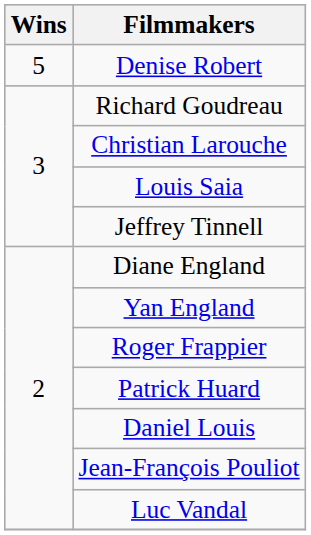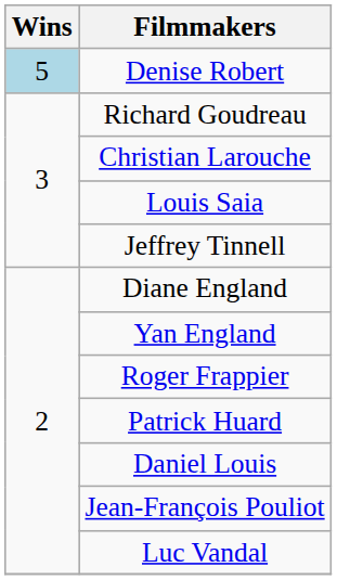 <table class="wikitable" style="text-align:center;">
 <tr>
 <th scope="col" width="17">Wins</th>
 <th scope="col" align="center">Filmmakers</th>
 </tr>
 <tr>
-<td rowspan="1" style="text-align:center;">5</td>
+<td rowspan="1" style="background: lightblue; text-align:center;">5</td>
 <td><a href='#'>Denise Robert</a></td>
 </tr>
 <tr>
 <td rowspan="4" style="text-align:center;">3</td>
 <td>Richard Goudreau</td>
 </tr>
 <tr>
 <td><a href='#'>Christian Larouche</a></td>
 </tr>
 <tr>
 <td><a href='#'>Louis Saia</a></td>
 </tr>
 <tr>
 <td>Jeffrey Tinnell</td>
 </tr>
 <tr>
 <td rowspan="7" style="text-align:center;">2</td>
 <td>Diane England</td>
 </tr>
 <tr>
 <td><a href='#'>Yan England</a></td>
 </tr>
 <tr>
 <td><a href='#'>Roger Frappier</a></td>
 </tr>
 <tr>
 <td><a href='#'>Patrick Huard</a></td>
 </tr>
 <tr>
 <td><a href='#'>Daniel Louis</a></td>
 </tr>
 <tr>
 <td><a href='#'>Jean-François Pouliot</a></td>
 </tr>
 <tr>
 <td><a href='#'>Luc Vandal</a></td>
 </tr>
 <tr>
 </tr>
 </table>
